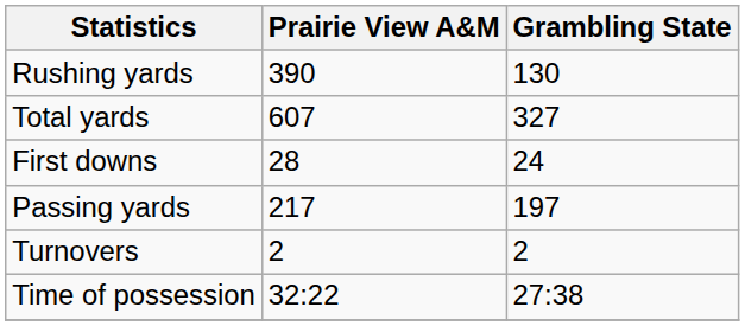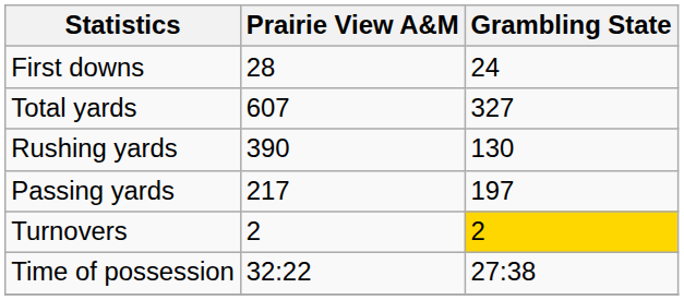 <table class="wikitable">
 <tr>
 <th>Statistics</th>
 <th>Prairie View A&M</th>
 <th>Grambling State</th>
 </tr>
 <tr>
-<td>Rushing yards</td>
-<td>390</td>
-<td>130</td>
+<td>First downs</td>
+<td>28</td>
+<td>24</td>
 </tr>
 <tr>
 <td>Total yards</td>
 <td>607</td>
 <td>327</td>
 </tr>
 <tr>
-<td>First downs</td>
-<td>28</td>
-<td>24</td>
+<td>Rushing yards</td>
+<td>390</td>
+<td>130</td>
 </tr>
 <tr>
 <td>Passing yards</td>
 <td>217</td>
 <td>197</td>
 </tr>
 <tr>
 <td>Turnovers</td>
 <td>2</td>
-<td>2</td>
+<td style="background: gold;">2</td>
 </tr>
 <tr>
 <td>Time of possession</td>
 <td>32:22</td>
 <td>27:38</td>
 </tr>
 <tr>
 </tr>
 </table>
